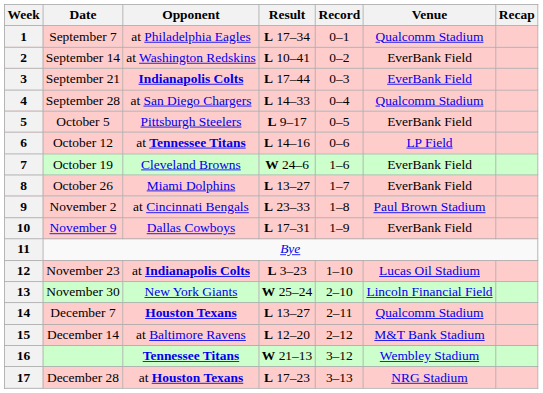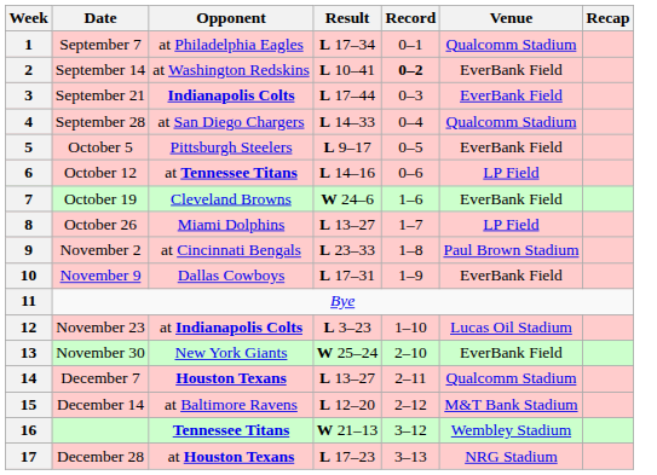 <table class="wikitable" style="text-align:center">
 <tr>
 <th>Week</th>
 <th>Date</th>
 <th>Opponent</th>
 <th>Result</th>
 <th>Record</th>
 <th>Venue</th>
 <th>Recap</th>
 </tr>
 <tr style="background:#fcc;">
 <th>1</th>
 <td>September 7</td>
 <td>at <a href='#'>Philadelphia Eagles</a></td>
 <td><strong>L</strong> 17–34</td>
 <td>0–1</td>
 <td><a href='#'>Qualcomm Stadium</a></td>
 <td></td>
 </tr>
 <tr style="background:#fcc;">
 <th>2</th>
 <td>September 14</td>
 <td>at <a href='#'>Washington Redskins</a></td>
 <td><strong>L</strong> 10–41</td>
-<td>0–2</td>
+<td><strong>0–2</strong></td>
 <td>EverBank Field</td>
 <td></td>
 </tr>
 <tr style="background:#fcc;">
 <th>3</th>
 <td>September 21</td>
 <td><strong><a href='#'>Indianapolis Colts</a></strong></td>
 <td><strong>L</strong> 17–44</td>
 <td>0–3</td>
 <td><a href='#'>EverBank Field</a></td>
 <td></td>
 </tr>
 <tr style="background:#fcc;">
 <th>4</th>
 <td>September 28</td>
 <td>at <a href='#'>San Diego Chargers</a></td>
 <td><strong>L</strong> 14–33</td>
 <td>0–4</td>
 <td><a href='#'>Qualcomm Stadium</a></td>
 <td></td>
 </tr>
 <tr style="background:#fcc;">
 <th>5</th>
 <td>October 5</td>
 <td><a href='#'>Pittsburgh Steelers</a></td>
 <td><strong>L</strong> 9–17</td>
 <td>0–5</td>
 <td>EverBank Field</td>
 <td></td>
 </tr>
 <tr style="background:#fcc;">
 <th>6</th>
 <td>October 12</td>
 <td>at <strong><a href='#'>Tennessee Titans</a></strong></td>
 <td><strong>L</strong> 14–16</td>
 <td>0–6</td>
 <td><a href='#'>LP Field</a></td>
 <td></td>
 </tr>
 <tr style="background:#cfc;">
 <th>7</th>
 <td>October 19</td>
 <td><a href='#'>Cleveland Browns</a></td>
 <td><strong>W</strong> 24–6</td>
 <td>1–6</td>
 <td>EverBank Field</td>
 <td></td>
 </tr>
 <tr style="background:#fcc;">
 <th>8</th>
 <td>October 26</td>
 <td><a href='#'>Miami Dolphins</a></td>
 <td><strong>L</strong> 13–27</td>
 <td>1–7</td>
-<td>EverBank Field</td>
+<td><a href='#'>LP Field</a></td>
 <td></td>
 </tr>
 <tr style="background:#fcc;">
 <th>9</th>
 <td>November 2</td>
 <td>at <a href='#'>Cincinnati Bengals</a></td>
 <td><strong>L</strong> 23–33</td>
 <td>1–8</td>
 <td><a href='#'>Paul Brown Stadium</a></td>
 <td></td>
 </tr>
 <tr style="background:#fcc;">
 <th>10</th>
 <td><a href='#'>November 9</a></td>
 <td><a href='#'>Dallas Cowboys</a></td>
 <td><strong>L</strong> 17–31</td>
 <td>1–9</td>
 <td>EverBank Field</td>
 <td></td>
 </tr>
 <tr>
 <th>11</th>
 <td colspan="6" style="text-align:center;"><em><a href='#'>Bye</a></em></td>
 </tr>
 <tr style="background:#fcc;">
 <th>12</th>
 <td>November 23</td>
 <td>at <strong><a href='#'>Indianapolis Colts</a></strong></td>
 <td><strong>L</strong> 3–23</td>
 <td>1–10</td>
 <td><a href='#'>Lucas Oil Stadium</a></td>
 <td></td>
 </tr>
 <tr style="background:#cfc;">
 <th>13</th>
 <td>November 30</td>
 <td><a href='#'>New York Giants</a></td>
 <td><strong>W</strong> 25–24</td>
 <td>2–10</td>
-<td><a href='#'>Lincoln Financial Field</a></td>
+<td>EverBank Field</td>
 <td></td>
 </tr>
 <tr style="background:#fcc;">
 <th>14</th>
 <td>December 7</td>
 <td><strong><a href='#'>Houston Texans</a></strong></td>
 <td><strong>L</strong> 13–27</td>
 <td>2–11</td>
 <td><a href='#'>Qualcomm Stadium</a></td>
 <td></td>
 </tr>
 <tr style="background:#fcc;">
 <th>15</th>
 <td>December 14</td>
 <td>at <a href='#'>Baltimore Ravens</a></td>
 <td><strong>L</strong> 12–20</td>
 <td>2–12</td>
 <td><a href='#'>M&T Bank Stadium</a></td>
 <td></td>
 </tr>
 <tr style="background:#cfc;">
 <th>16</th>
 <td></td>
 <td><strong><a href='#'>Tennessee Titans</a></strong></td>
 <td><strong>W</strong> 21–13</td>
 <td>3–12</td>
 <td>  <a href='#'>Wembley Stadium</a> </td>
 <td></td>
 </tr>
 <tr style="background:#fcc;">
 <th>17</th>
 <td>December 28</td>
 <td>at <strong><a href='#'>Houston Texans</a></strong></td>
 <td><strong>L</strong> 17–23</td>
 <td>3–13</td>
 <td><a href='#'>NRG Stadium</a></td>
 <td></td>
 </tr>
 </table>
